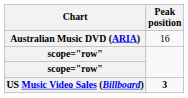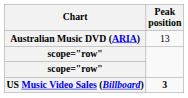 <table class="wikitable sortable plainrowheaders" style="text-align:center;">
 <tr>
 <th scope="col">Chart</th>
 <th scope="col">Peak<br>position</th>
 </tr>
 <tr>
 <th scope="row">Australian Music DVD (<a href='#'>ARIA</a>)</th>
-<td>16</td>
+<td>13</td>
 </tr>
 <tr>
 <th>scope="row"</th>
 </tr>
 <tr>
 <th>scope="row"</th>
 </tr>
 <tr>
 <th scope="row">US <a href='#'>Music Video Sales</a> (<em><a href='#'>Billboard</a></em>)</th>
 <td><strong>3</strong></td>
 </tr>
 </table>
